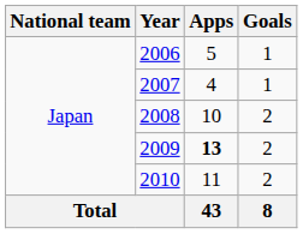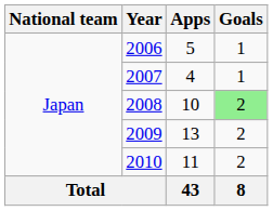 <table class="wikitable" style="text-align:center">
 <tr>
 <th>National team</th>
 <th>Year</th>
 <th>Apps</th>
 <th>Goals</th>
 </tr>
 <tr>
 <td rowspan="5"><a href='#'>Japan</a></td>
 <td><a href='#'>2006</a></td>
 <td>5</td>
 <td>1</td>
 </tr>
 <tr>
 <td><a href='#'>2007</a></td>
 <td>4</td>
 <td>1</td>
 </tr>
 <tr>
 <td><a href='#'>2008</a></td>
 <td>10</td>
-<td>2</td>
+<td style="background: lightgreen;">2</td>
 </tr>
 <tr>
 <td><a href='#'>2009</a></td>
-<td><strong>13</strong></td>
+<td>13</td>
 <td>2</td>
 </tr>
 <tr>
 <td><a href='#'>2010</a></td>
 <td>11</td>
 <td>2</td>
 </tr>
 <tr>
 <th colspan="2">Total</th>
 <th>43</th>
 <th>8</th>
 </tr>
 </table>
